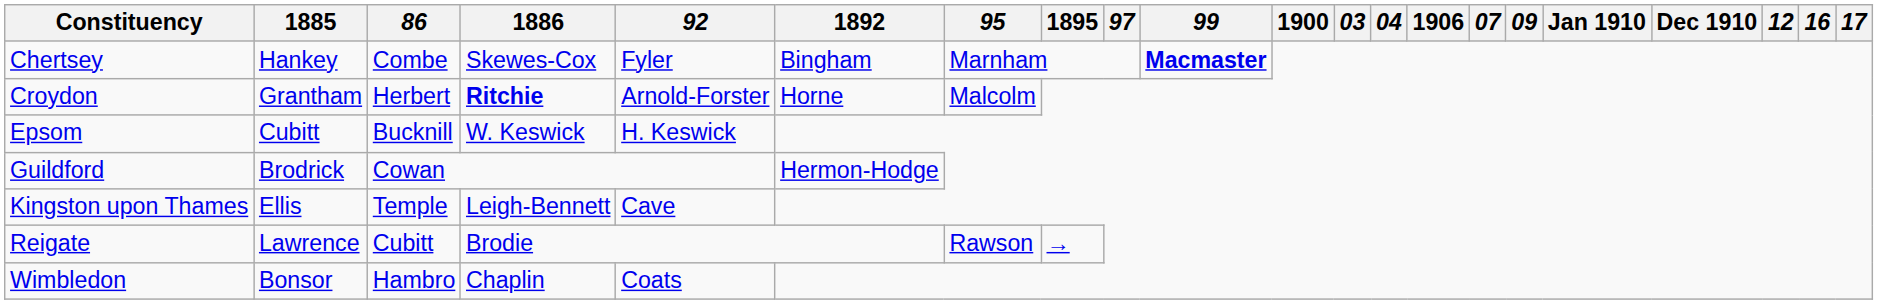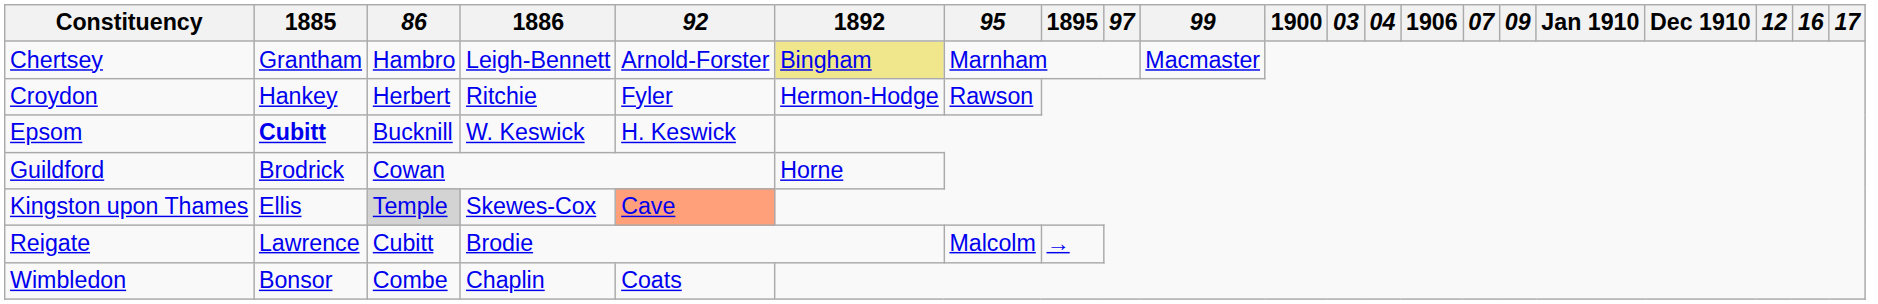 <table class="wikitable">
 <tr>
 <th>Constituency</th>
 <th>1885</th>
 <th><em>86</em></th>
 <th>1886</th>
 <th><em>92</em></th>
 <th>1892</th>
 <th><em>95</em></th>
 <th>1895</th>
 <th><em>97</em></th>
 <th><em>99</em></th>
 <th>1900</th>
 <th><em>03</em></th>
 <th><em>04</em></th>
 <th>1906</th>
 <th><em>07</em></th>
 <th><em>09</em></th>
 <th>Jan 1910</th>
 <th>Dec 1910</th>
 <th><em>12</em></th>
 <th><em>16</em></th>
 <th><em>17</em></th>
 </tr>
 <tr>
 <td><a href='#'>Chertsey</a></td>
-<td><a href='#'>Hankey</a></td>
-<td><a href='#'>Combe</a></td>
-<td><a href='#'>Skewes-Cox</a></td>
-<td><a href='#'>Fyler</a></td>
-<td><a href='#'>Bingham</a></td>
+<td><a href='#'>Grantham</a></td>
+<td><a href='#'>Hambro</a></td>
+<td><a href='#'>Leigh-Bennett</a></td>
+<td><a href='#'>Arnold-Forster</a></td>
+<td style="background: khaki;"><a href='#'>Bingham</a></td>
 <td colspan="3"><a href='#'>Marnham</a></td>
-<td><strong><a href='#'>Macmaster</a></strong></td>
+<td><a href='#'>Macmaster</a></td>
 </tr>
 <tr>
 <td><a href='#'>Croydon</a></td>
-<td><a href='#'>Grantham</a></td>
+<td><a href='#'>Hankey</a></td>
 <td><a href='#'>Herbert</a></td>
-<td><strong><a href='#'>Ritchie</a></strong></td>
-<td><a href='#'>Arnold-Forster</a></td>
-<td><a href='#'>Horne</a></td>
-<td><a href='#'>Malcolm</a></td>
+<td><a href='#'>Ritchie</a></td>
+<td><a href='#'>Fyler</a></td>
+<td><a href='#'>Hermon-Hodge</a></td>
+<td><a href='#'>Rawson</a></td>
 </tr>
 <tr>
 <td><a href='#'>Epsom</a></td>
-<td><a href='#'>Cubitt</a></td>
+<td><strong><a href='#'>Cubitt</a></strong></td>
 <td><a href='#'>Bucknill</a></td>
 <td><a href='#'>W. Keswick</a></td>
 <td><a href='#'>H. Keswick</a></td>
 </tr>
 <tr>
 <td><a href='#'>Guildford</a></td>
 <td><a href='#'>Brodrick</a></td>
 <td colspan="3"><a href='#'>Cowan</a></td>
-<td><a href='#'>Hermon-Hodge</a></td>
+<td><a href='#'>Horne</a></td>
 </tr>
 <tr>
 <td><a href='#'>Kingston upon Thames</a></td>
 <td><a href='#'>Ellis</a></td>
-<td><a href='#'>Temple</a></td>
-<td><a href='#'>Leigh-Bennett</a></td>
-<td><a href='#'>Cave</a></td>
+<td style="background: lightgrey;"><a href='#'>Temple</a></td>
+<td><a href='#'>Skewes-Cox</a></td>
+<td style="background: lightsalmon;"><a href='#'>Cave</a></td>
 </tr>
 <tr>
 <td><a href='#'>Reigate</a></td>
 <td><a href='#'>Lawrence</a></td>
 <td><a href='#'>Cubitt</a></td>
 <td colspan="3"><a href='#'>Brodie</a></td>
-<td><a href='#'>Rawson</a></td>
+<td><a href='#'>Malcolm</a></td>
 <td><a href='#'>→</a></td>
 </tr>
 <tr>
 <td><a href='#'>Wimbledon</a></td>
 <td><a href='#'>Bonsor</a></td>
-<td><a href='#'>Hambro</a></td>
+<td><a href='#'>Combe</a></td>
 <td><a href='#'>Chaplin</a></td>
 <td><a href='#'>Coats</a></td>
 </tr>
 </table>
